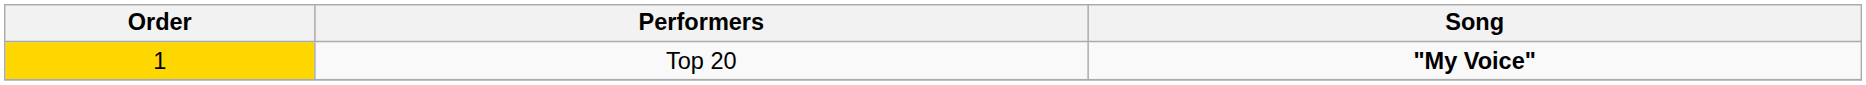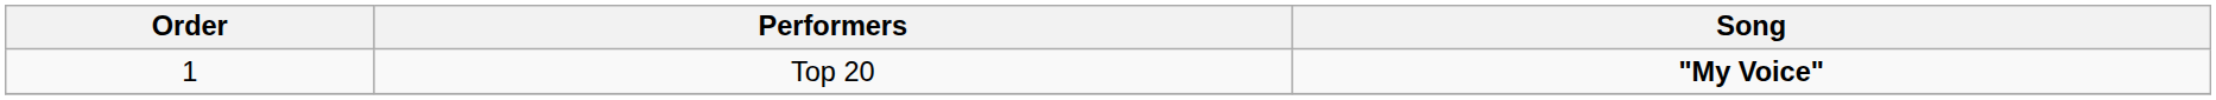 <table class="wikitable" style="text-align:center; width:100%">
 <tr>
 <th style="width:04%">Order</th>
 <th style="width:10%">Performers</th>
 <th style="width:10%">Song</th>
 </tr>
 <tr>
-<td style="background: gold;">1</td>
+<td>1</td>
 <td>Top 20 </td>
 <td><strong>"My Voice"</strong></td>
 </tr>
 <tr>
 </tr>
 </table>
